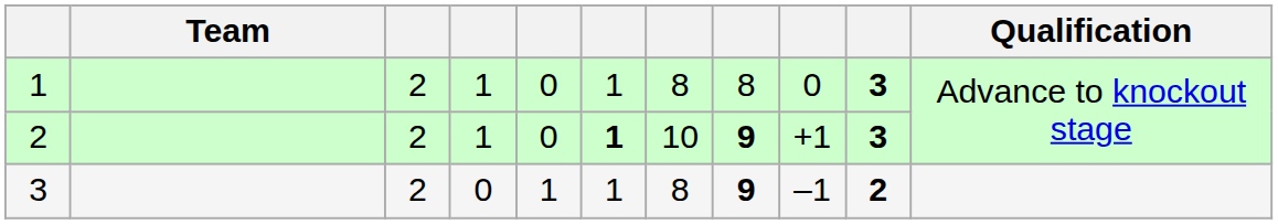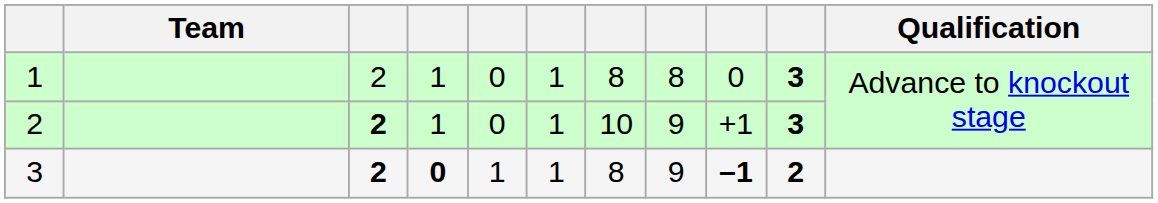 <table class="wikitable" style="text-align: center;">
 <tr>
 <th width="25"></th>
 <th width="150">Team</th>
 <th width="25"></th>
 <th width="25"></th>
 <th width="25"></th>
 <th width="25"></th>
 <th width="25"></th>
 <th width="25"></th>
 <th width="25"></th>
 <th width="25"></th>
 <th width="170">Qualification</th>
 </tr>
 <tr align=center style="background:#ccffcc;">
 <td>1</td>
 <td style="text-align:left;"></td>
 <td>2</td>
 <td>1</td>
 <td>0</td>
 <td>1</td>
 <td>8</td>
 <td>8</td>
 <td>0</td>
 <td><strong>3</strong></td>
 <td rowspan="2">Advance to <a href='#'>knockout stage</a></td>
 </tr>
 <tr align=center style="background:#ccffcc;">
 <td>2</td>
 <td style="text-align:left;"></td>
-<td>2</td>
+<td><strong>2</strong></td>
 <td>1</td>
 <td>0</td>
-<td><strong>1</strong></td>
+<td>1</td>
 <td>10</td>
-<td><strong>9</strong></td>
+<td>9</td>
 <td>+1</td>
 <td><strong>3</strong></td>
 </tr>
 <tr align=center style="background:#f5f5f5;">
 <td>3</td>
 <td style="text-align:left;"></td>
-<td>2</td>
-<td>0</td>
+<td><strong>2</strong></td>
+<td><strong>0</strong></td>
 <td>1</td>
 <td>1</td>
 <td>8</td>
-<td><strong>9</strong></td>
-<td>–1</td>
+<td>9</td>
+<td><strong>–1</strong></td>
 <td><strong>2</strong></td>
 <td></td>
 </tr>
 </table>
